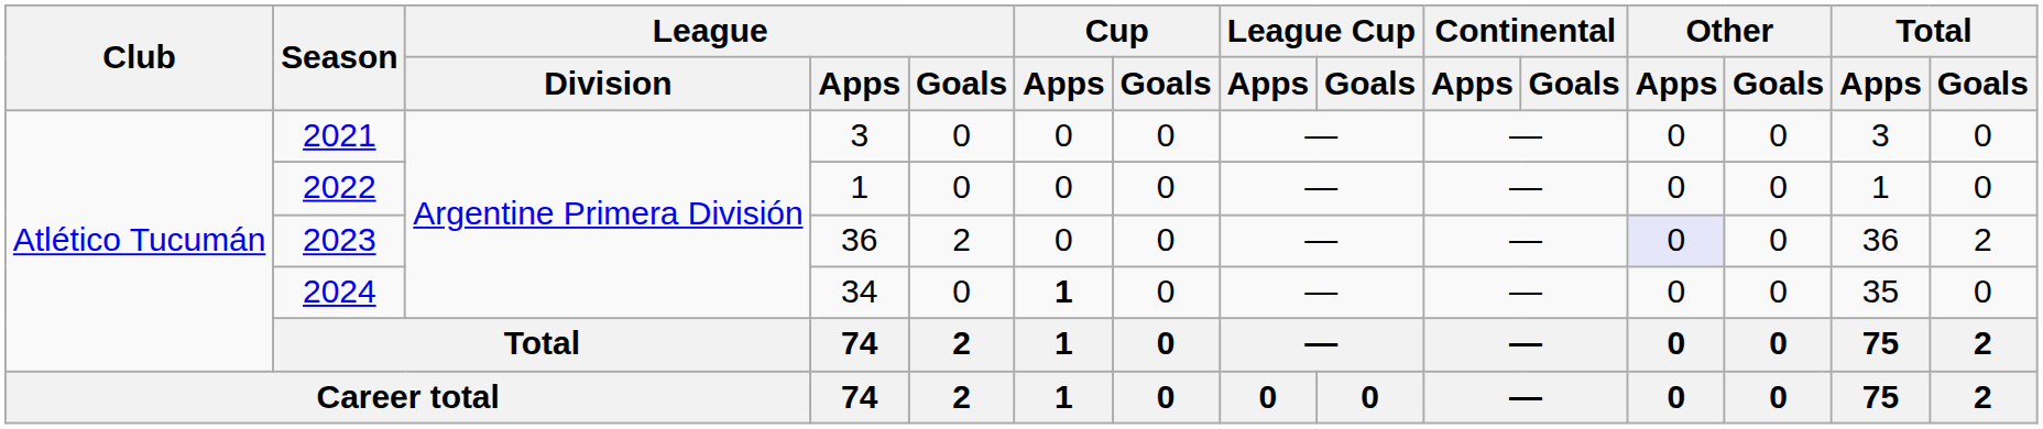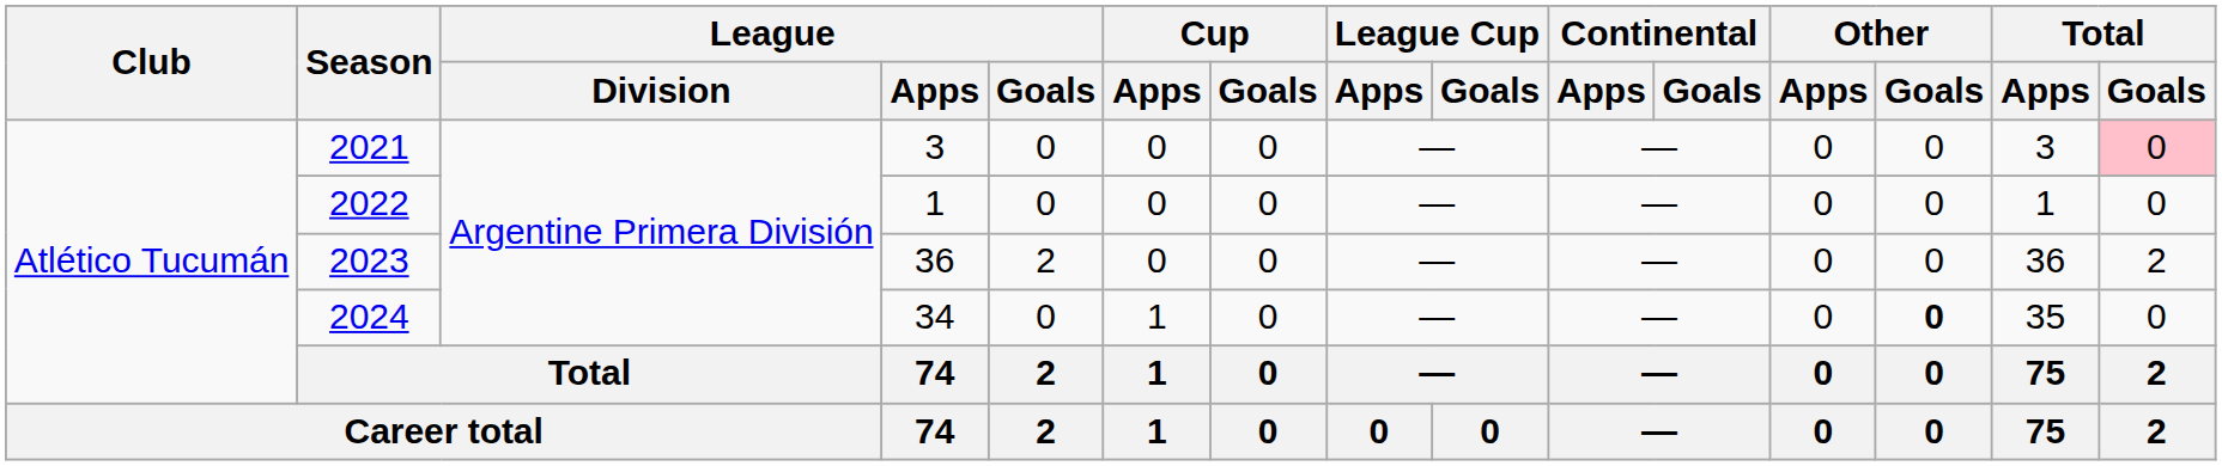 <table class="wikitable" style="text-align:center">
 <tr>
 <th rowspan="2">Club</th>
 <th rowspan="2">Season</th>
 <th colspan="3">League</th>
 <th colspan="2">Cup</th>
 <th colspan="2">League Cup</th>
 <th colspan="2">Continental</th>
 <th colspan="2">Other</th>
 <th colspan="2">Total</th>
 </tr>
 <tr>
 <th>Division</th>
 <th>Apps</th>
 <th>Goals</th>
 <th>Apps</th>
 <th>Goals</th>
 <th>Apps</th>
 <th>Goals</th>
 <th>Apps</th>
 <th>Goals</th>
 <th>Apps</th>
 <th>Goals</th>
 <th>Apps</th>
 <th>Goals</th>
 </tr>
 <tr>
 <td rowspan="5"><a href='#'>Atlético Tucumán</a></td>
 <td><a href='#'>2021</a></td>
 <td rowspan="4"><a href='#'>Argentine Primera División</a></td>
 <td>3</td>
 <td>0</td>
 <td>0</td>
 <td>0</td>
 <td colspan="2">—</td>
 <td colspan="2">—</td>
 <td>0</td>
 <td>0</td>
 <td>3</td>
-<td>0</td>
+<td style="background: pink;">0</td>
 </tr>
 <tr>
 <td><a href='#'>2022</a></td>
 <td>1</td>
 <td>0</td>
 <td>0</td>
 <td>0</td>
 <td colspan="2">—</td>
 <td colspan="2">—</td>
 <td>0</td>
 <td>0</td>
 <td>1</td>
 <td>0</td>
 </tr>
 <tr>
 <td><a href='#'>2023</a></td>
 <td>36</td>
 <td>2</td>
 <td>0</td>
 <td>0</td>
 <td colspan="2">—</td>
 <td colspan="2">—</td>
-<td style="background: lavender;">0</td>
+<td>0</td>
 <td>0</td>
 <td>36</td>
 <td>2</td>
 </tr>
 <tr>
 <td><a href='#'>2024</a></td>
 <td>34</td>
 <td>0</td>
-<td><strong>1</strong></td>
+<td>1</td>
 <td>0</td>
 <td colspan="2">—</td>
 <td colspan="2">—</td>
 <td>0</td>
-<td>0</td>
+<td><strong>0</strong></td>
 <td>35</td>
 <td>0</td>
 </tr>
 <tr>
 <th colspan="2">Total</th>
 <th>74</th>
 <th>2</th>
 <th>1</th>
 <th>0</th>
 <th colspan="2">—</th>
 <th colspan="2">—</th>
 <th>0</th>
 <th>0</th>
 <th>75</th>
 <th>2</th>
 </tr>
 <tr>
 <th colspan="3">Career total</th>
 <th>74</th>
 <th>2</th>
 <th>1</th>
 <th>0</th>
 <th>0</th>
 <th>0</th>
 <th colspan="2">—</th>
 <th>0</th>
 <th>0</th>
 <th>75</th>
 <th>2</th>
 </tr>
 </table>
